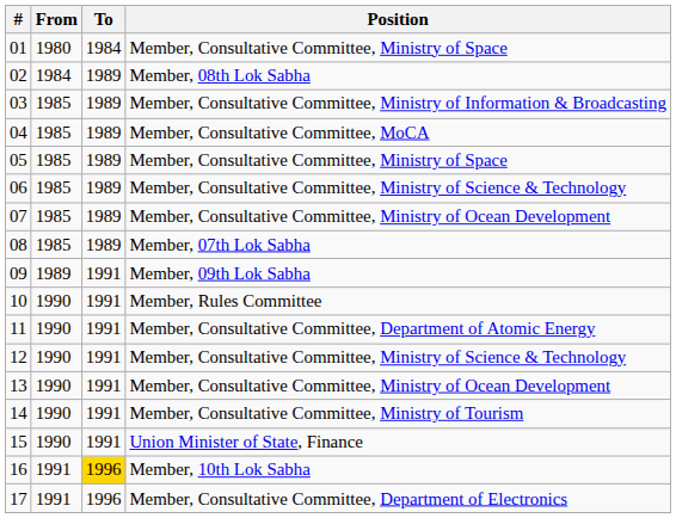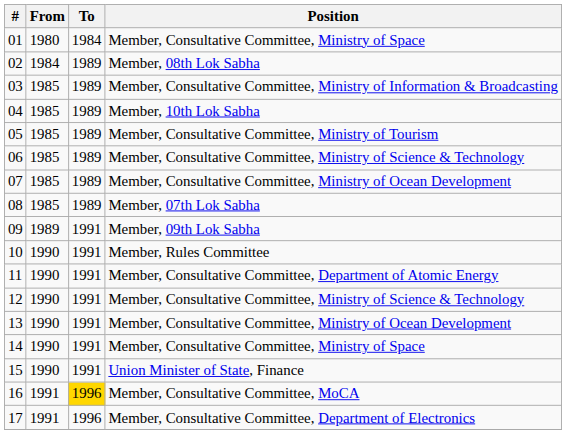 <table class="wikitable sortable">
 <tr>
 <th>#</th>
 <th>From</th>
 <th>To</th>
 <th>Position</th>
 </tr>
 <tr>
 <td>01</td>
 <td>1980</td>
 <td>1984</td>
 <td>Member, Consultative Committee, <a href='#'>Ministry of Space</a></td>
 </tr>
 <tr>
 <td>02</td>
 <td>1984</td>
 <td>1989</td>
 <td>Member, <a href='#'>08th Lok Sabha</a></td>
 </tr>
 <tr>
 <td>03</td>
 <td>1985</td>
 <td>1989</td>
 <td>Member, Consultative Committee, <a href='#'>Ministry of Information & Broadcasting</a></td>
 </tr>
 <tr>
 <td>04</td>
 <td>1985</td>
 <td>1989</td>
-<td>Member, Consultative Committee, <a href='#'>MoCA</a></td>
+<td>Member, <a href='#'>10th Lok Sabha</a></td>
 </tr>
 <tr>
 <td>05</td>
 <td>1985</td>
 <td>1989</td>
-<td>Member, Consultative Committee, <a href='#'>Ministry of Space</a></td>
+<td>Member, Consultative Committee, <a href='#'>Ministry of Tourism</a></td>
 </tr>
 <tr>
 <td>06</td>
 <td>1985</td>
 <td>1989</td>
 <td>Member, Consultative Committee, <a href='#'>Ministry of Science & Technology</a></td>
 </tr>
 <tr>
 <td>07</td>
 <td>1985</td>
 <td>1989</td>
 <td>Member, Consultative Committee, <a href='#'>Ministry of Ocean Development</a></td>
 </tr>
 <tr>
 <td>08</td>
 <td>1985</td>
 <td>1989</td>
 <td>Member, <a href='#'>07th Lok Sabha</a></td>
 </tr>
 <tr>
 <td>09</td>
 <td>1989</td>
 <td>1991</td>
 <td>Member, <a href='#'>09th Lok Sabha</a></td>
 </tr>
 <tr>
 <td>10</td>
 <td>1990</td>
 <td>1991</td>
 <td>Member, Rules Committee</td>
 </tr>
 <tr>
 <td>11</td>
 <td>1990</td>
 <td>1991</td>
 <td>Member, Consultative Committee, <a href='#'>Department of Atomic Energy</a></td>
 </tr>
 <tr>
 <td>12</td>
 <td>1990</td>
 <td>1991</td>
 <td>Member, Consultative Committee, <a href='#'>Ministry of Science & Technology</a></td>
 </tr>
 <tr>
 <td>13</td>
 <td>1990</td>
 <td>1991</td>
 <td>Member, Consultative Committee, <a href='#'>Ministry of Ocean Development</a></td>
 </tr>
 <tr>
 <td>14</td>
 <td>1990</td>
 <td>1991</td>
-<td>Member, Consultative Committee, <a href='#'>Ministry of Tourism</a></td>
+<td>Member, Consultative Committee, <a href='#'>Ministry of Space</a></td>
 </tr>
 <tr>
 <td>15</td>
 <td>1990</td>
 <td>1991</td>
 <td><a href='#'>Union Minister of State</a>, Finance</td>
 </tr>
 <tr>
 <td>16</td>
 <td>1991</td>
 <td style="background: gold;">1996</td>
-<td>Member, <a href='#'>10th Lok Sabha</a></td>
+<td>Member, Consultative Committee, <a href='#'>MoCA</a></td>
 </tr>
 <tr>
 <td>17</td>
 <td>1991</td>
 <td>1996</td>
 <td>Member, Consultative Committee, <a href='#'>Department of Electronics</a></td>
 </tr>
 <tr>
 </tr>
 </table>
